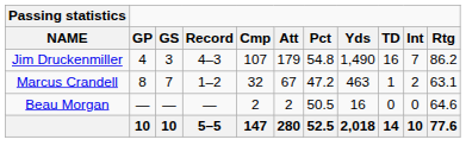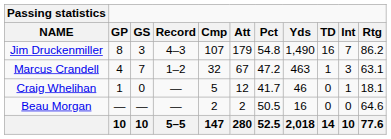 <table class="wikitable sortable" style="text-align:center;">
 <tr>
 <th style="text-align:center;">Passing statistics</th>
 </tr>
 <tr>
 <th>NAME</th>
 <th>GP</th>
 <th>GS</th>
 <th>Record</th>
 <th>Cmp</th>
 <th>Att</th>
 <th>Pct</th>
 <th>Yds</th>
 <th>TD</th>
 <th>Int</th>
 <th>Rtg</th>
 </tr>
 <tr>
 <td><a href='#'>Jim Druckenmiller</a></td>
-<td>4</td>
+<td>8</td>
 <td>3</td>
 <td>4–3</td>
 <td>107</td>
 <td>179</td>
 <td>54.8</td>
 <td>1,490</td>
 <td>16</td>
 <td>7</td>
 <td>86.2</td>
 </tr>
 <tr>
 <td><a href='#'>Marcus Crandell</a></td>
-<td>8</td>
+<td>4</td>
 <td>7</td>
 <td>1–2</td>
 <td>32</td>
 <td>67</td>
 <td>47.2</td>
 <td>463</td>
 <td>1</td>
-<td>2</td>
+<td>3</td>
 <td>63.1</td>
+</tr>
+<tr>
+<td><a href='#'>Craig Whelihan</a></td>
+<td>1</td>
+<td>0</td>
+<td>—</td>
+<td>5</td>
+<td>12</td>
+<td>41.7</td>
+<td>46</td>
+<td>0</td>
+<td>1</td>
+<td>18.1</td>
 </tr>
 <tr>
 <td><a href='#'>Beau Morgan</a></td>
 <td>—</td>
 <td>—</td>
 <td>—</td>
 <td>2</td>
 <td>2</td>
 <td>50.5</td>
 <td>16</td>
 <td>0</td>
 <td>0</td>
 <td>64.6</td>
 </tr>
 <tr>
 <th colspan="1"></th>
 <th>10</th>
 <th>10</th>
 <th>5–5</th>
 <th>147</th>
 <th>280</th>
 <th>52.5</th>
 <th>2,018</th>
 <th>14</th>
 <th>10</th>
 <th>77.6</th>
 </tr>
 </table>
